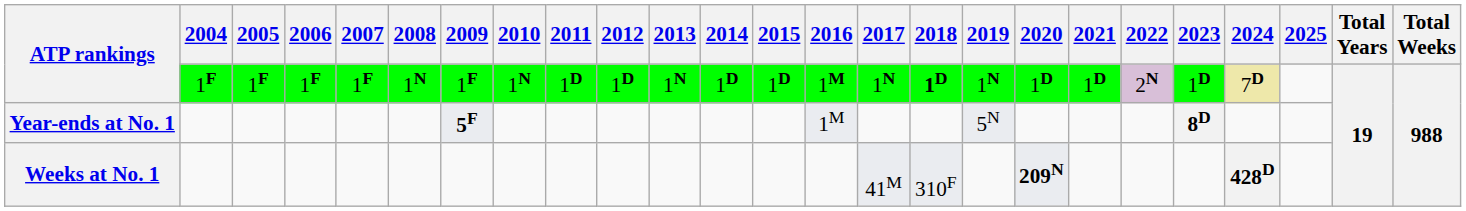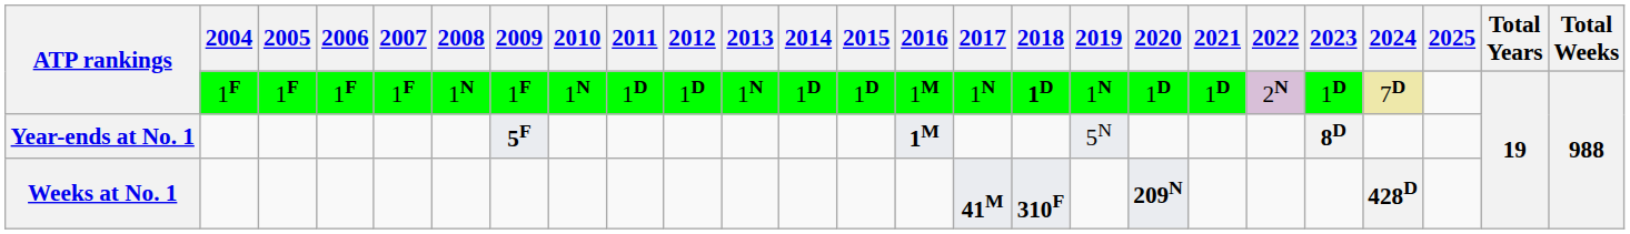 <table class="wikitable nowrap" style="text-align:center;font-size:96%">
 <tr>
 <th rowspan="2"><a href='#'>ATP rankings</a></th>
 <th><a href='#'>2004</a></th>
 <th><a href='#'>2005</a></th>
 <th><a href='#'>2006</a></th>
 <th><a href='#'>2007</a></th>
 <th><a href='#'>2008</a></th>
 <th><a href='#'>2009</a></th>
 <th><a href='#'>2010</a></th>
 <th><a href='#'>2011</a></th>
 <th><a href='#'>2012</a></th>
 <th><a href='#'>2013</a></th>
 <th><a href='#'>2014</a></th>
 <th><a href='#'>2015</a></th>
 <th><a href='#'>2016</a></th>
 <th><a href='#'>2017</a></th>
 <th><a href='#'>2018</a></th>
 <th><a href='#'>2019</a></th>
 <th><a href='#'>2020</a></th>
 <th><a href='#'>2021</a></th>
 <th><a href='#'>2022</a></th>
 <th><a href='#'>2023</a></th>
 <th><a href='#'>2024</a></th>
 <th><a href='#'>2025</a></th>
 <th>Total<br>Years</th>
 <th>Total<br>Weeks</th>
 </tr>
 <tr>
 <td style="background-color:lime">1<sup><strong>F</strong></sup></td>
 <td style="background-color:lime">1<sup><strong>F</strong></sup></td>
 <td style="background-color:lime">1<sup><strong>F</strong></sup></td>
 <td style="background-color:lime">1<sup><strong>F</strong></sup></td>
 <td style="background-color:lime">1<sup><strong>N</strong></sup></td>
 <td style="background-color:lime">1<sup><strong>F</strong></sup></td>
 <td style="background-color:lime">1<sup><strong>N</strong></sup></td>
 <td style="background-color:lime">1<sup><strong>D</strong></sup></td>
 <td style="background-color:lime">1<sup><strong>D</strong></sup></td>
 <td style="background-color:lime">1<sup><strong>N</strong></sup></td>
 <td style="background-color:lime">1<sup><strong>D</strong></sup></td>
 <td style="background-color:lime">1<sup><strong>D</strong></sup></td>
 <td style="background-color:lime">1<sup><strong>M</strong></sup></td>
 <td style="background-color:lime">1<sup><strong>N</strong></sup></td>
 <td style="background-color:lime"><strong>1</strong><sup><strong>D</strong></sup></td>
 <td style="background-color:lime">1<sup><strong>N</strong></sup></td>
 <td style="background-color:lime">1<sup><strong>D</strong></sup></td>
 <td style="background-color:lime">1<sup><strong>D</strong></sup></td>
 <td style="background-color:thistle">2<sup><strong>N</strong></sup></td>
 <td style="background-color:lime">1<sup><strong>D</strong></sup></td>
 <td style="background-color:#eee8aa">7<sup><strong>D</strong></sup></td>
 <td></td>
 <th rowspan="3">19</th>
 <th rowspan="3">988</th>
 </tr>
 <tr>
 <th><a href='#'>Year-ends at No. 1</a></th>
 <td colspan=1></td>
 <td></td>
 <td></td>
 <td></td>
 <td></td>
 <td bgcolor="#EAECF0"><strong>5<sup>F</sup></strong></td>
 <td></td>
 <td></td>
 <td></td>
 <td></td>
 <td></td>
 <td></td>
-<td bgcolor="#EAECF0">1<sup>M</sup></td>
+<td bgcolor="#EAECF0"><strong>1<sup>M</sup></strong></td>
 <td></td>
 <td></td>
 <td bgcolor="#EAECF0">5<sup>N</sup></td>
 <td></td>
 <td></td>
 <td></td>
 <th>8<sup>D</sup></th>
 <td></td>
 </tr>
 <tr>
 <th><a href='#'>Weeks at No. 1</a></th>
 <td colspan="1"></td>
 <td></td>
 <td></td>
 <td></td>
 <td></td>
 <td></td>
 <td></td>
 <td></td>
 <td></td>
 <td></td>
 <td></td>
 <td></td>
 <td></td>
-<td bgcolor="#EAECF0"><br>41<sup>M</sup></td>
-<td bgcolor="#EAECF0"><br>310<sup>F</sup></td>
+<td bgcolor="#EAECF0"><strong><br>41<sup>M</sup></strong></td>
+<td bgcolor="#EAECF0"><strong><br>310<sup>F</sup></strong></td>
 <td></td>
 <td bgcolor="#EAECF0"><strong>209<sup>N</sup></strong></td>
 <td></td>
 <td></td>
 <td></td>
 <th>428<sup>D</sup></th>
 <td></td>
 </tr>
 </table>
